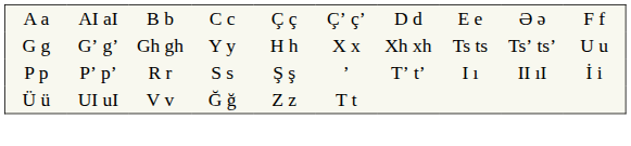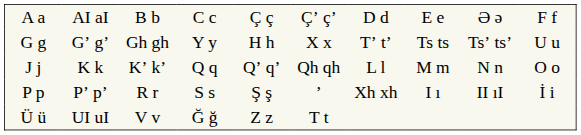 <table style="font-family:Arial Unicode MS; font-size:1.4em; border-color:#000000; border-width:1px; border-style:solid; border-collapse:collapse; background-color:#F8F8EF">
 <tr>
 <td style="width:3em; text-align:center; padding: 3px;">A a</td>
 <td style="width:3em; text-align:center; padding: 3px;">AӀ aӀ</td>
 <td style="width:3em; text-align:center; padding: 3px;">B b</td>
 <td style="width:3em; text-align:center; padding: 3px;">C c</td>
 <td style="width:3em; text-align:center; padding: 3px;">Ç ç</td>
 <td style="width:3em; text-align:center; padding: 3px;">Çʼ çʼ</td>
 <td style="width:3em; text-align:center; padding: 3px;">D d</td>
 <td style="width:3em; text-align:center; padding: 3px;">E e</td>
 <td style="width:3em; text-align:center; padding: 3px;">Ә ә</td>
 <td style="width:3em; text-align:center; padding: 3px;">F f</td>
 </tr>
 <tr>
 <td style="width:3em; text-align:center; padding: 3px;">G g</td>
 <td style="width:3em; text-align:center; padding: 3px;">Gʼ gʼ</td>
 <td style="width:3em; text-align:center; padding: 3px;">Gh gh</td>
 <td style="width:3em; text-align:center; padding: 3px;">Y y</td>
 <td style="width:3em; text-align:center; padding: 3px;">H h</td>
 <td style="width:3em; text-align:center; padding: 3px;">X x</td>
-<td style="width:3em; text-align:center; padding: 3px;">Xh xh</td>
+<td style="width:3em; text-align:center; padding: 3px;">Tʼ tʼ</td>
 <td style="width:3em; text-align:center; padding: 3px;">Ts ts</td>
 <td style="width:3em; text-align:center; padding: 3px;">Tsʼ tsʼ</td>
 <td style="width:3em; text-align:center; padding: 3px;">U u</td>
+</tr>
+<tr>
+<td style="width:3em; text-align:center; padding: 3px;">J j</td>
+<td style="width:3em; text-align:center; padding: 3px;">K k</td>
+<td style="width:3em; text-align:center; padding: 3px;">Kʼ kʼ</td>
+<td style="width:3em; text-align:center; padding: 3px;">Q q</td>
+<td style="width:3em; text-align:center; padding: 3px;">Qʼ qʼ</td>
+<td style="width:3em; text-align:center; padding: 3px;">Qh qh</td>
+<td style="width:3em; text-align:center; padding: 3px;">L l</td>
+<td style="width:3em; text-align:center; padding: 3px;">M m</td>
+<td style="width:3em; text-align:center; padding: 3px;">N n</td>
+<td style="width:3em; text-align:center; padding: 3px;">O o</td>
 </tr>
 <tr>
 <td style="width:3em; text-align:center; padding: 3px;">P p</td>
 <td style="width:3em; text-align:center; padding: 3px;">Pʼ pʼ</td>
 <td style="width:3em; text-align:center; padding: 3px;">R r</td>
 <td style="width:3em; text-align:center; padding: 3px;">S s</td>
 <td style="width:3em; text-align:center; padding: 3px;">Ş ş</td>
 <td style="width:3em; text-align:center; padding: 3px;">ʼ</td>
-<td style="width:3em; text-align:center; padding: 3px;">Tʼ tʼ</td>
+<td style="width:3em; text-align:center; padding: 3px;">Xh xh</td>
 <td style="width:3em; text-align:center; padding: 3px;">I ı</td>
 <td style="width:3em; text-align:center; padding: 3px;">IӀ ıӀ</td>
 <td style="width:3em; text-align:center; padding: 3px;">İ i</td>
 </tr>
 <tr>
 <td style="width:3em; text-align:center; padding: 3px;">Ü ü</td>
 <td style="width:3em; text-align:center; padding: 3px;">UӀ uӀ</td>
 <td style="width:3em; text-align:center; padding: 3px;">V v</td>
 <td style="width:3em; text-align:center; padding: 3px;">Ğ ğ</td>
 <td style="width:3em; text-align:center; padding: 3px;">Z z</td>
 <td style="width:3em; text-align:center; padding: 3px;">T t</td>
 </tr>
 </table>
